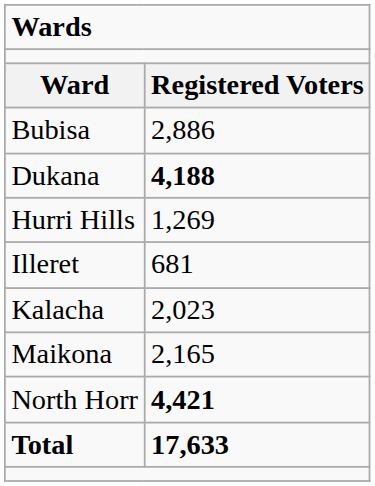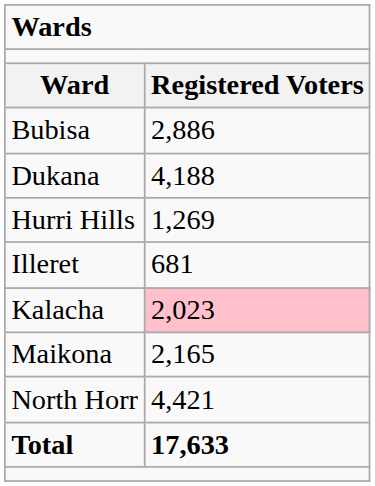 <table class="wikitable">
 <tr>
 <td colspan="2"><strong>Wards</strong></td>
 </tr>
 <tr>
 <td colspan="2"></td>
 </tr>
 <tr>
 <th>Ward</th>
 <th>Registered Voters</th>
 </tr>
 <tr>
 <td>Bubisa</td>
 <td>2,886</td>
 </tr>
 <tr>
 <td>Dukana</td>
-<td><strong>4,188</strong></td>
+<td>4,188</td>
 </tr>
 <tr>
 <td>Hurri Hills</td>
 <td>1,269</td>
 </tr>
 <tr>
 <td>Illeret</td>
 <td>681</td>
 </tr>
 <tr>
 <td>Kalacha</td>
-<td>2,023</td>
+<td style="background: pink;">2,023</td>
 </tr>
 <tr>
 <td>Maikona</td>
 <td>2,165</td>
 </tr>
 <tr>
 <td>North Horr</td>
-<td><strong>4,421</strong></td>
+<td>4,421</td>
 </tr>
 <tr>
 <td><strong>Total</strong></td>
 <td><strong>17,633</strong></td>
 </tr>
 <tr>
 <td colspan="2"></td>
 </tr>
 </table>
